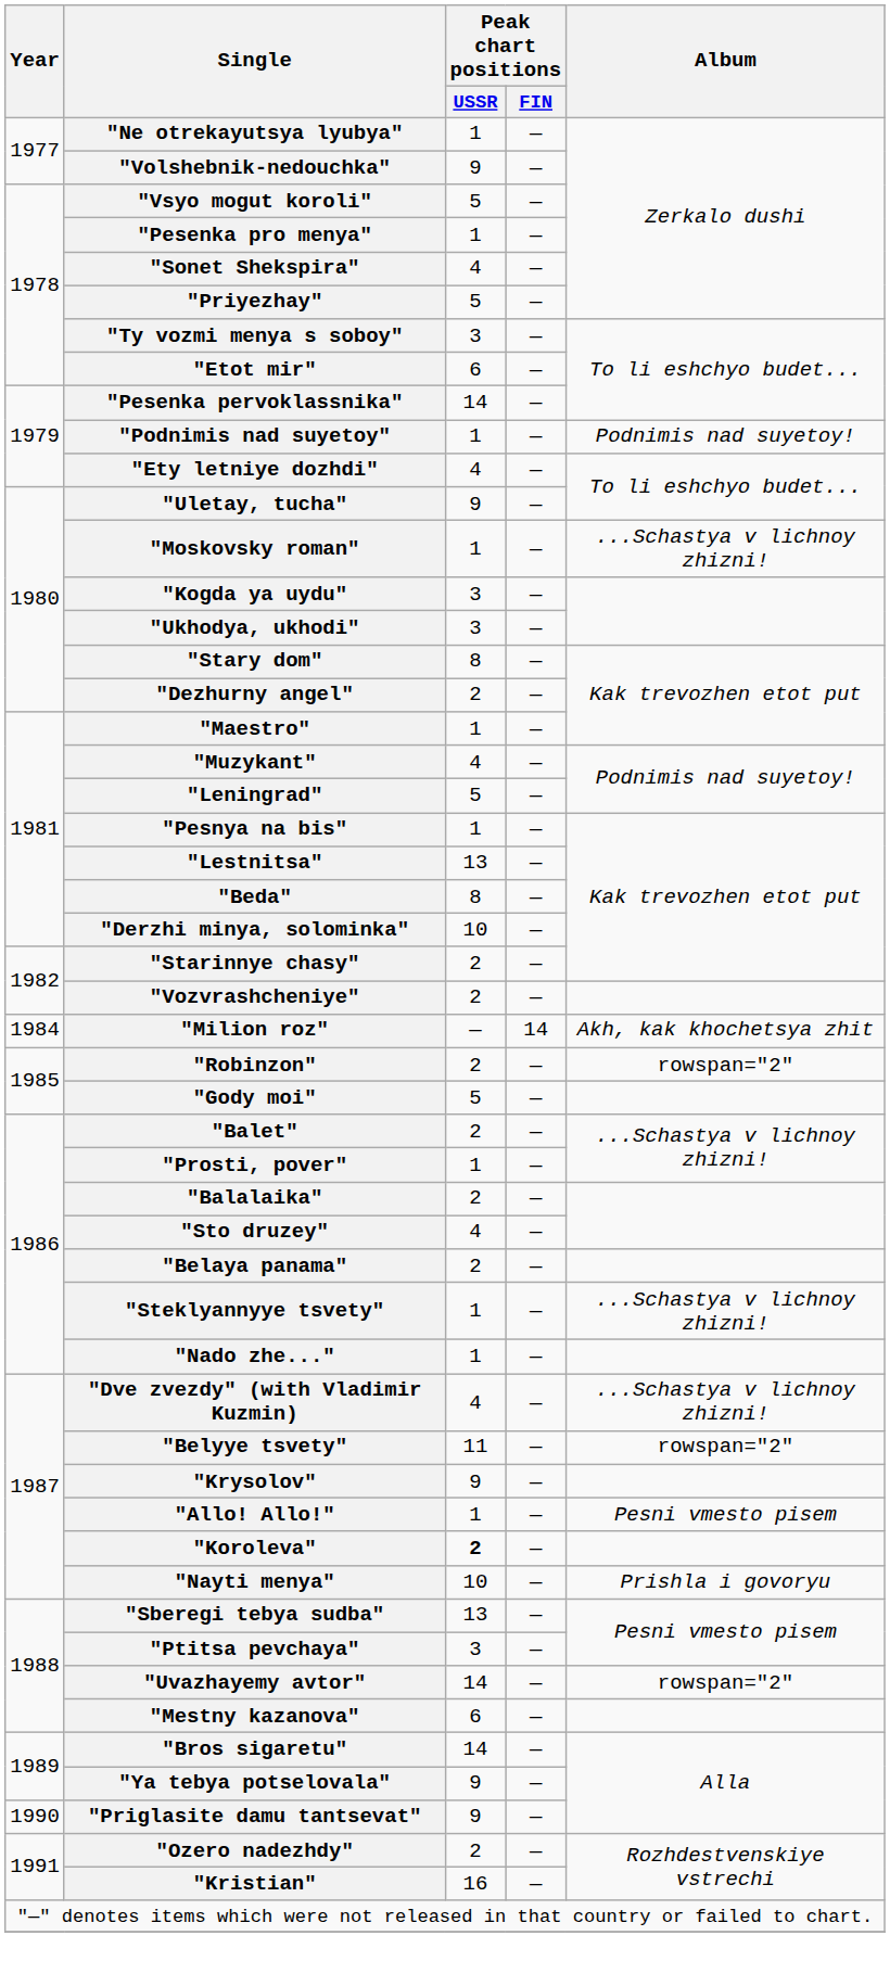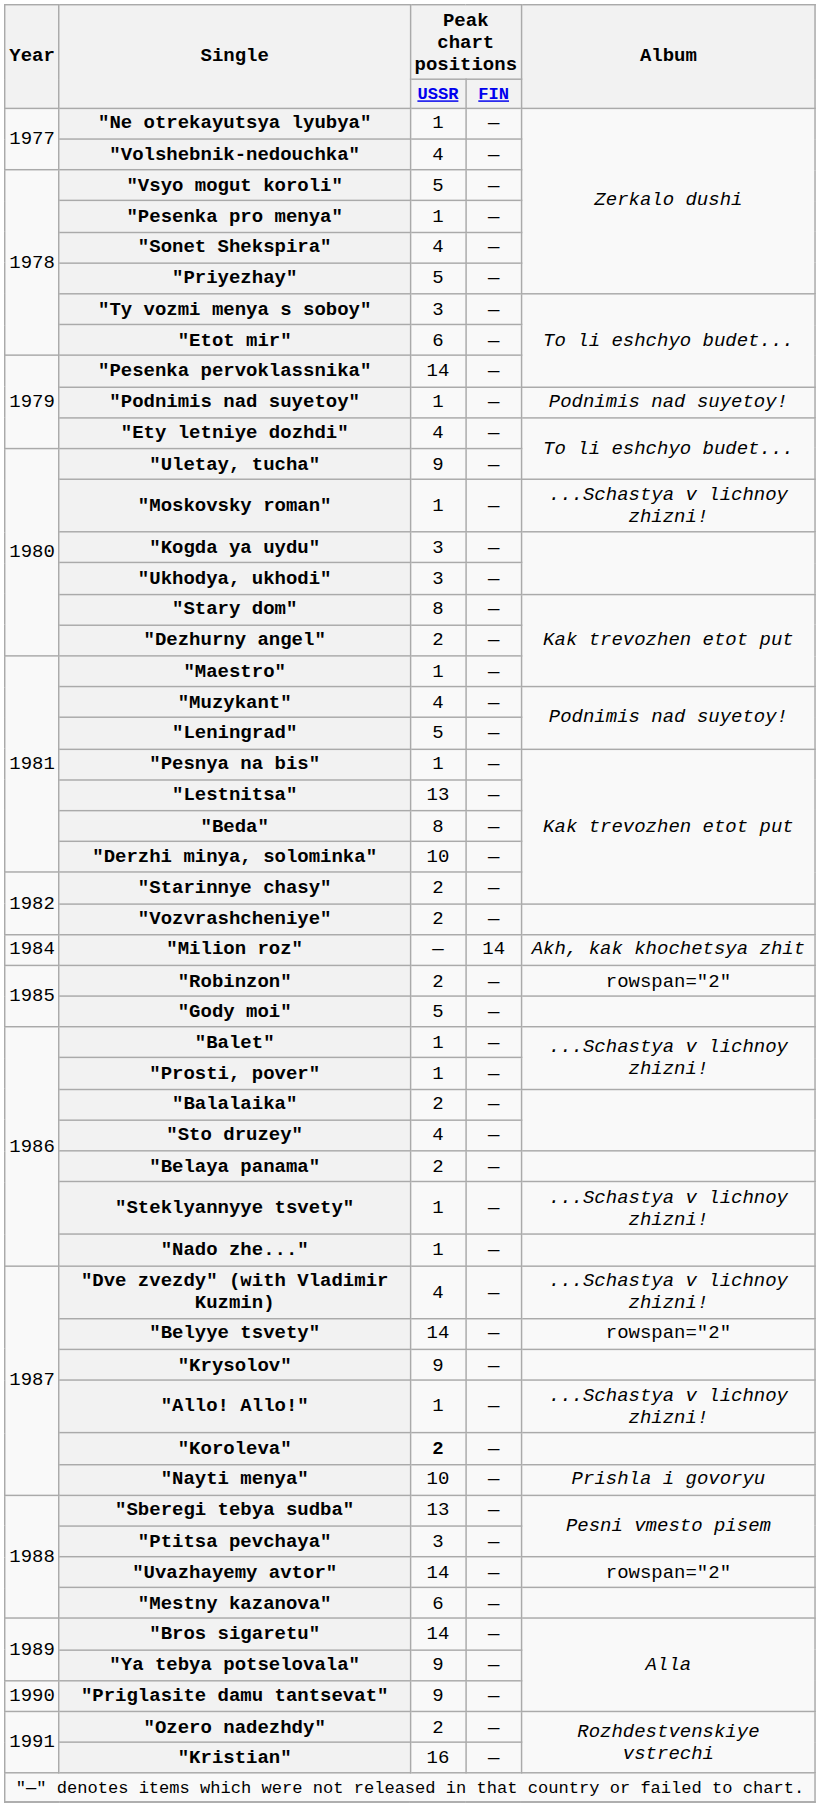 <table class="wikitable plainrowheaders" style="text-align: center;">
 <tr>
 <th rowspan="2">Year</th>
 <th rowspan="2" style="width:18em;">Single</th>
 <th colspan="2">Peak chart positions</th>
 <th rowspan="2" style="width:15em;">Album</th>
 </tr>
 <tr>
 <th scope="col" style="width:2.5em;font-size:90%;"><a href='#'>USSR</a><br></th>
 <th scope="col" style="width:2.5em;font-size:90%;"><a href='#'>FIN</a><br></th>
 </tr>
 <tr>
 <td rowspan="2">1977</td>
 <th scope="row">"Ne otrekayutsya lyubya"</th>
 <td>1</td>
 <td>—</td>
 <td rowspan="6"><em>Zerkalo dushi</em></td>
 </tr>
 <tr>
 <th scope="row">"Volshebnik-nedouchka"</th>
-<td>9</td>
+<td>4</td>
 <td>—</td>
 </tr>
 <tr>
 <td rowspan="6">1978</td>
 <th scope="row">"Vsyo mogut koroli"</th>
 <td>5</td>
 <td>—</td>
 </tr>
 <tr>
 <th scope="row">"Pesenka pro menya"</th>
 <td>1</td>
 <td>—</td>
 </tr>
 <tr>
 <th scope="row">"Sonet Shekspira"</th>
 <td>4</td>
 <td>—</td>
 </tr>
 <tr>
 <th scope="row">"Priyezhay"</th>
 <td>5</td>
 <td>—</td>
 </tr>
 <tr>
 <th scope="row">"Ty vozmi menya s soboy"</th>
 <td>3</td>
 <td>—</td>
 <td rowspan="3"><em>To li eshchyo budet...</em></td>
 </tr>
 <tr>
 <th scope="row">"Etot mir"</th>
 <td>6</td>
 <td>—</td>
 </tr>
 <tr>
 <td rowspan="3">1979</td>
 <th scope="row">"Pesenka pervoklassnika"</th>
 <td>14</td>
 <td>—</td>
 </tr>
 <tr>
 <th scope="row">"Podnimis nad suyetoy"</th>
 <td>1</td>
 <td>—</td>
 <td><em>Podnimis nad suyetoy!</em></td>
 </tr>
 <tr>
 <th scope="row">"Ety letniye dozhdi"</th>
 <td>4</td>
 <td>—</td>
 <td rowspan="2"><em>To li eshchyo budet...</em></td>
 </tr>
 <tr>
 <td rowspan="6">1980</td>
 <th scope="row">"Uletay, tucha"</th>
 <td>9</td>
 <td>—</td>
 </tr>
 <tr>
 <th scope="row">"Moskovsky roman"</th>
 <td>1</td>
 <td>—</td>
 <td><em>...Schastya v lichnoy zhizni!</em></td>
 </tr>
 <tr>
 <th scope="row">"Kogda ya uydu"</th>
 <td>3</td>
 <td>—</td>
 </tr>
 <tr>
 <th scope="row">"Ukhodya, ukhodi"</th>
 <td>3</td>
 <td>—</td>
 </tr>
 <tr>
 <th scope="row">"Stary dom"</th>
 <td>8</td>
 <td>—</td>
 <td rowspan="3"><em>Kak trevozhen etot put</em></td>
 </tr>
 <tr>
 <th scope="row">"Dezhurny angel"</th>
 <td>2</td>
 <td>—</td>
 </tr>
 <tr>
 <td rowspan="7">1981</td>
 <th scope="row">"Maestro"</th>
 <td>1</td>
 <td>—</td>
 </tr>
 <tr>
 <th scope="row">"Muzykant"</th>
 <td>4</td>
 <td>—</td>
 <td rowspan="2"><em>Podnimis nad suyetoy!</em></td>
 </tr>
 <tr>
 <th scope="row">"Leningrad"</th>
 <td>5</td>
 <td>—</td>
 </tr>
 <tr>
 <th scope="row">"Pesnya na bis"</th>
 <td>1</td>
 <td>—</td>
 <td rowspan="5"><em>Kak trevozhen etot put</em></td>
 </tr>
 <tr>
 <th scope="row">"Lestnitsa"</th>
 <td>13</td>
 <td>—</td>
 </tr>
 <tr>
 <th scope="row">"Beda"</th>
 <td>8</td>
 <td>—</td>
 </tr>
 <tr>
 <th scope="row">"Derzhi minya, solominka"</th>
 <td>10</td>
 <td>—</td>
 </tr>
 <tr>
 <td rowspan="2">1982</td>
 <th scope="row">"Starinnye chasy"</th>
 <td>2</td>
 <td>—</td>
 </tr>
 <tr>
 <th scope="row">"Vozvrashcheniye"</th>
 <td>2</td>
 <td>—</td>
 <td></td>
 </tr>
 <tr>
 <td>1984</td>
 <th scope="row">"Milion roz"</th>
 <td>—</td>
 <td>14</td>
 <td><em>Akh, kak khochetsya zhit</em></td>
 </tr>
 <tr>
 <td rowspan="2">1985</td>
 <th scope="row">"Robinzon"</th>
 <td>2</td>
 <td>—</td>
 <td>rowspan="2" </td>
 </tr>
 <tr>
 <th scope="row">"Gody moi"</th>
 <td>5</td>
 <td>—</td>
 </tr>
 <tr>
 <td rowspan="7">1986</td>
 <th scope="row">"Balet"</th>
-<td>2</td>
+<td>1</td>
 <td>—</td>
 <td rowspan="2"><em>...Schastya v lichnoy zhizni!</em></td>
 </tr>
 <tr>
 <th scope="row">"Prosti, pover"</th>
 <td>1</td>
 <td>—</td>
 </tr>
 <tr>
 <th scope="row">"Balalaika"</th>
 <td>2</td>
 <td>—</td>
 </tr>
 <tr>
 <th scope="row">"Sto druzey"</th>
 <td>4</td>
 <td>—</td>
 </tr>
 <tr>
 <th scope="row">"Belaya panama"</th>
 <td>2</td>
 <td>—</td>
 <td></td>
 </tr>
 <tr>
 <th scope="row">"Steklyannyye tsvety"</th>
 <td>1</td>
 <td>—</td>
 <td><em>...Schastya v lichnoy zhizni!</em></td>
 </tr>
 <tr>
 <th scope="row">"Nado zhe..."</th>
 <td>1</td>
 <td>—</td>
 <td></td>
 </tr>
 <tr>
 <td rowspan="6">1987</td>
 <th scope="row">"Dve zvezdy" (with Vladimir Kuzmin)</th>
 <td>4</td>
 <td>—</td>
 <td><em>...Schastya v lichnoy zhizni!</em></td>
 </tr>
 <tr>
 <th scope="row">"Belyye tsvety"</th>
-<td>11</td>
+<td>14</td>
 <td>—</td>
 <td>rowspan="2" </td>
 </tr>
 <tr>
 <th scope="row">"Krysolov"</th>
 <td>9</td>
 <td>—</td>
 <td></td>
 </tr>
 <tr>
 <th scope="row">"Allo! Allo!"</th>
 <td>1</td>
 <td>—</td>
-<td><em>Pesni vmesto pisem</em></td>
+<td><em>...Schastya v lichnoy zhizni!</em></td>
 </tr>
 <tr>
 <th scope="row">"Koroleva"</th>
 <td><strong>2</strong></td>
 <td>—</td>
 <td></td>
 </tr>
 <tr>
 <th scope="row">"Nayti menya"</th>
 <td>10</td>
 <td>—</td>
 <td><em>Prishla i govoryu</em></td>
 </tr>
 <tr>
 <td rowspan="4">1988</td>
 <th scope="row">"Sberegi tebya sudba"</th>
 <td>13</td>
 <td>—</td>
 <td rowspan="2"><em>Pesni vmesto pisem</em></td>
 </tr>
 <tr>
 <th scope="row">"Ptitsa pevchaya"</th>
 <td>3</td>
 <td>—</td>
 </tr>
 <tr>
 <th scope="row">"Uvazhayemy avtor"</th>
 <td>14</td>
 <td>—</td>
 <td>rowspan="2" </td>
 </tr>
 <tr>
 <th scope="row">"Mestny kazanova"</th>
 <td>6</td>
 <td>—</td>
 </tr>
 <tr>
 <td rowspan="2">1989</td>
 <th scope="row">"Bros sigaretu"</th>
 <td>14</td>
 <td>—</td>
 <td rowspan="3"><em>Alla</em></td>
 </tr>
 <tr>
 <th scope="row">"Ya tebya potselovala"</th>
 <td>9</td>
 <td>—</td>
 </tr>
 <tr>
 <td>1990</td>
 <th scope="row">"Priglasite damu tantsevat"</th>
 <td>9</td>
 <td>—</td>
 </tr>
 <tr>
 <td rowspan="2">1991</td>
 <th scope="row">"Ozero nadezhdy"</th>
 <td>2</td>
 <td>—</td>
 <td rowspan="2"><em>Rozhdestvenskiye vstrechi</em></td>
 </tr>
 <tr>
 <th scope="row">"Kristian"</th>
 <td>16</td>
 <td>—</td>
 </tr>
 <tr>
 <td colspan="9" style="font-size:90%;">"—" denotes items which were not released in that country or failed to chart.</td>
 </tr>
 <tr>
 </tr>
 </table>
